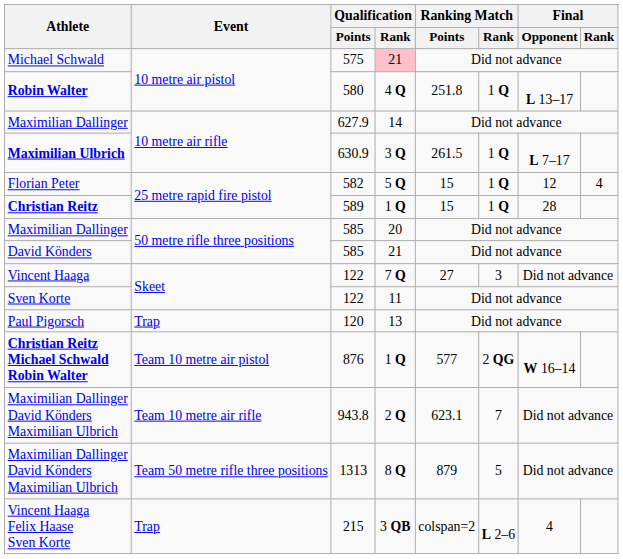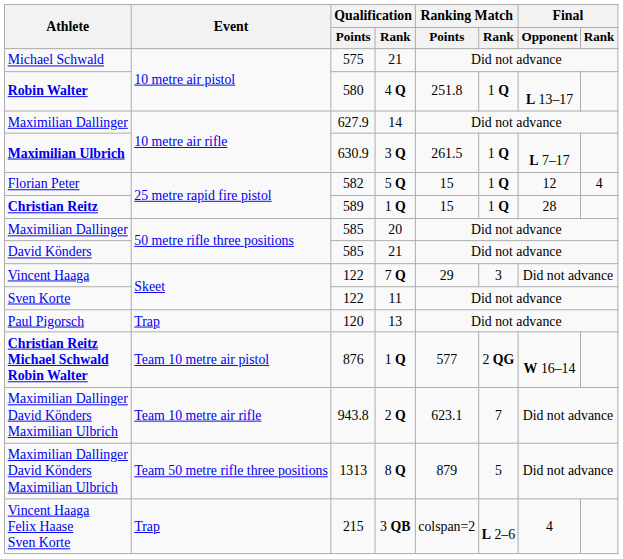 <table class="wikitable" style="font-size:90%">
 <tr>
 <th rowspan="2">Athlete</th>
 <th rowspan="2">Event</th>
 <th colspan=2>Qualification</th>
 <th colspan=2>Ranking Match</th>
 <th colspan=2>Final</th>
 </tr>
 <tr style="font-size:95%">
 <th>Points</th>
 <th>Rank</th>
 <th>Points</th>
 <th>Rank</th>
 <th>Opponent</th>
 <th>Rank</th>
 </tr>
 <tr align=center>
 <td align=left><a href='#'>Michael Schwald</a></td>
 <td rowspan=2 align=left><a href='#'>10 metre air pistol</a></td>
 <td>575</td>
-<td style="background: pink;">21</td>
+<td>21</td>
 <td colspan=4>Did not advance</td>
 </tr>
 <tr align=center>
 <td align=left><strong><a href='#'>Robin Walter</a></strong></td>
 <td>580</td>
 <td>4 <strong>Q</strong></td>
 <td>251.8</td>
 <td>1 <strong>Q</strong></td>
 <td><br><strong>L</strong> 13–17</td>
 <td></td>
 </tr>
 <tr align=center>
 <td align=left><a href='#'>Maximilian Dallinger</a></td>
 <td rowspan=2 align=left><a href='#'>10 metre air rifle</a></td>
 <td>627.9</td>
 <td>14</td>
 <td colspan=4>Did not advance</td>
 </tr>
 <tr align=center>
 <td align=left><strong><a href='#'>Maximilian Ulbrich</a></strong></td>
 <td>630.9</td>
 <td>3 <strong>Q</strong></td>
 <td>261.5</td>
 <td>1 <strong>Q</strong></td>
 <td><br><strong>L</strong> 7–17</td>
 <td></td>
 </tr>
 <tr align=center>
 <td align=left><a href='#'>Florian Peter</a></td>
 <td rowspan=2 align=left><a href='#'>25 metre rapid fire pistol</a></td>
 <td>582</td>
 <td>5 <strong>Q</strong></td>
 <td>15</td>
 <td>1 <strong>Q</strong></td>
 <td>12</td>
 <td>4</td>
 </tr>
 <tr align=center>
 <td align=left><strong><a href='#'>Christian Reitz</a></strong></td>
 <td>589</td>
 <td>1 <strong>Q</strong></td>
 <td>15</td>
 <td>1 <strong>Q</strong></td>
 <td>28</td>
 <td></td>
 </tr>
 <tr align=center>
 <td align=left><a href='#'>Maximilian Dallinger</a></td>
 <td rowspan=2 align=left><a href='#'>50 metre rifle three positions</a></td>
 <td>585</td>
 <td>20</td>
 <td colspan=4>Did not advance</td>
 </tr>
 <tr align=center>
 <td align=left><a href='#'>David Könders</a></td>
 <td>585</td>
 <td>21</td>
 <td colspan=4>Did not advance</td>
 </tr>
 <tr align=center>
 <td align=left><a href='#'>Vincent Haaga</a></td>
 <td rowspan=2 align=left><a href='#'>Skeet</a></td>
 <td>122</td>
 <td>7 <strong>Q</strong></td>
-<td>27</td>
+<td>29</td>
 <td>3</td>
 <td colspan=2>Did not advance</td>
 </tr>
 <tr align=center>
 <td align=left><a href='#'>Sven Korte</a></td>
 <td>122</td>
 <td>11</td>
 <td colspan=4>Did not advance</td>
 </tr>
 <tr align=center>
 <td align=left><a href='#'>Paul Pigorsch</a></td>
 <td align=left><a href='#'>Trap</a></td>
 <td>120</td>
 <td>13</td>
 <td colspan=4>Did not advance</td>
 </tr>
 <tr align=center>
 <td align=left><strong><a href='#'>Christian Reitz</a><br><a href='#'>Michael Schwald</a><br><a href='#'>Robin Walter</a></strong></td>
 <td align=left><a href='#'>Team 10 metre air pistol</a></td>
 <td>876</td>
 <td>1 <strong>Q</strong></td>
 <td>577</td>
 <td>2 <strong>QG</strong></td>
 <td><br><strong>W</strong> 16–14</td>
 <td></td>
 </tr>
 <tr align=center>
 <td align=left><a href='#'>Maximilian Dallinger</a><br><a href='#'>David Könders</a><br><a href='#'>Maximilian Ulbrich</a></td>
 <td align=left><a href='#'>Team 10 metre air rifle</a></td>
 <td>943.8</td>
 <td>2 <strong>Q</strong></td>
 <td>623.1</td>
 <td>7</td>
 <td colspan=2>Did not advance</td>
 </tr>
 <tr align=center>
 <td align=left><a href='#'>Maximilian Dallinger</a><br><a href='#'>David Könders</a><br><a href='#'>Maximilian Ulbrich</a></td>
 <td align=left><a href='#'>Team 50 metre rifle three positions</a></td>
 <td>1313</td>
 <td>8 <strong>Q</strong></td>
 <td>879</td>
 <td>5</td>
 <td colspan=2>Did not advance</td>
 </tr>
 <tr align=center>
 <td align=left><a href='#'>Vincent Haaga</a><br><a href='#'>Felix Haase</a><br><a href='#'>Sven Korte</a></td>
 <td align=left><a href='#'>Trap</a></td>
 <td>215</td>
 <td>3 <strong>QB</strong></td>
 <td>colspan=2</td>
 <td><br><strong>L</strong> 2–6</td>
 <td>4</td>
 </tr>
 </table>
